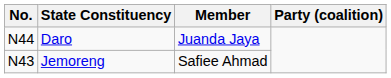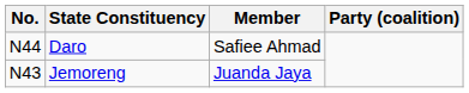 <table class="wikitable">
 <tr>
 <th>No.</th>
 <th>State Constituency</th>
 <th>Member</th>
 <th>Party (coalition)</th>
 </tr>
 <tr>
 <td>N44</td>
 <td><a href='#'>Daro</a></td>
-<td><a href='#'>Juanda Jaya</a></td>
+<td>Safiee Ahmad</td>
 <td rowspan="2"></td>
 </tr>
 <tr>
 <td>N43</td>
 <td><a href='#'>Jemoreng</a></td>
-<td>Safiee Ahmad</td>
+<td><a href='#'>Juanda Jaya</a></td>
 </tr>
 </table>
